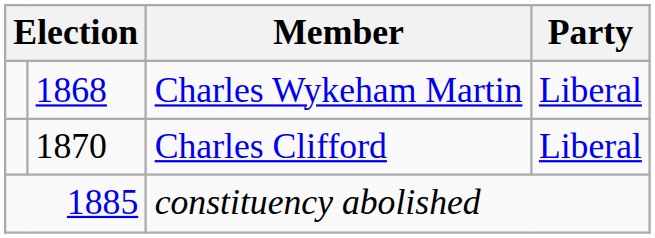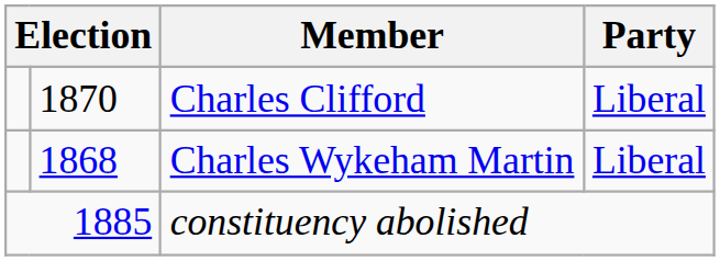 <table class="wikitable">
 <tr>
 <th colspan="2">Election</th>
 <th>Member</th>
 <th>Party</th>
 </tr>
 <tr>
 <td style="color:inherit;background-color: "></td>
-<td><a href='#'>1868</a></td>
-<td><a href='#'>Charles Wykeham Martin</a></td>
+<td>1870</td>
+<td><a href='#'>Charles Clifford</a></td>
 <td><a href='#'>Liberal</a></td>
 </tr>
 <tr>
 <td style="color:inherit;background-color: "></td>
-<td>1870</td>
-<td><a href='#'>Charles Clifford</a></td>
+<td><a href='#'>1868</a></td>
+<td><a href='#'>Charles Wykeham Martin</a></td>
 <td><a href='#'>Liberal</a></td>
 </tr>
 <tr>
 <td colspan="2" align="right"><a href='#'>1885</a></td>
 <td colspan="2"><em>constituency abolished</em></td>
 </tr>
 </table>
